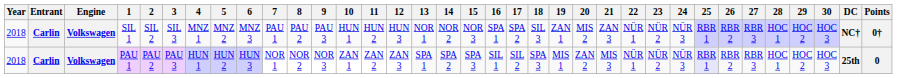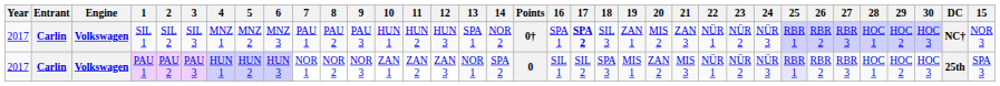 <table class="wikitable" style="text-align:center; font-size:85%">
 <tr>
 <th>Year</th>
 <th>Entrant</th>
 <th>Engine</th>
 <th>1</th>
 <th>2</th>
 <th>3</th>
 <th>4</th>
 <th>5</th>
 <th>6</th>
 <th>7</th>
 <th>8</th>
 <th>9</th>
 <th>10</th>
 <th>11</th>
 <th>12</th>
 <th>13</th>
 <th>14</th>
-<th>15</th>
+<th>Points</th>
 <th>16</th>
 <th>17</th>
 <th>18</th>
 <th>19</th>
 <th>20</th>
 <th>21</th>
 <th>22</th>
 <th>23</th>
 <th>24</th>
 <th>25</th>
 <th>26</th>
 <th>27</th>
 <th>28</th>
 <th>29</th>
 <th>30</th>
 <th>DC</th>
-<th>Points</th>
+<th>15</th>
 </tr>
 <tr>
-<td><a href='#'>2018</a></td>
+<td><a href='#'>2017</a></td>
 <th><a href='#'>Carlin</a></th>
 <th><a href='#'>Volkswagen</a></th>
 <td><a href='#'>SIL<br>1</a></td>
 <td><a href='#'>SIL<br>2</a></td>
 <td><a href='#'>SIL<br>3</a></td>
 <td><a href='#'>MNZ<br>1</a></td>
 <td><a href='#'>MNZ<br>2</a></td>
 <td><a href='#'>MNZ<br>3</a></td>
 <td><a href='#'>PAU<br>1</a></td>
 <td><a href='#'>PAU<br>2</a></td>
 <td><a href='#'>PAU<br>3</a></td>
 <td><a href='#'>HUN<br>1</a></td>
 <td><a href='#'>HUN<br>2</a></td>
 <td><a href='#'>HUN<br>3</a></td>
-<td><a href='#'>NOR<br>1</a></td>
+<td><a href='#'>SPA<br>1</a></td>
 <td><a href='#'>NOR<br>2</a></td>
-<td><a href='#'>NOR<br>3</a></td>
+<th>0†</th>
 <td><a href='#'>SPA<br>1</a></td>
-<td><a href='#'>SPA<br>2</a></td>
+<td><strong><a href='#'>SPA<br>2</a></strong></td>
 <td><a href='#'>SIL<br>3</a></td>
 <td><a href='#'>ZAN<br>1</a></td>
 <td><a href='#'>MIS<br>2</a></td>
 <td><a href='#'>ZAN<br>3</a></td>
 <td><a href='#'>NÜR<br>1</a></td>
 <td><a href='#'>NÜR<br>2</a></td>
 <td><a href='#'>NÜR<br>3</a></td>
 <td style="background:#CFCFFF;"><a href='#'>RBR<br>1</a><br></td>
 <td style="background:#CFCFFF;"><a href='#'>RBR<br>2</a><br></td>
 <td style="background:#CFCFFF;"><a href='#'>RBR<br>3</a><br></td>
 <td style="background:#CFCFFF;"><a href='#'>HOC<br>1</a><br></td>
 <td style="background:#CFCFFF;"><a href='#'>HOC<br>2</a><br></td>
 <td style="background:#CFCFFF;"><a href='#'>HOC<br>3</a><br></td>
 <th>NC†</th>
-<th>0†</th>
+<td><a href='#'>NOR<br>3</a></td>
 </tr>
 <tr>
-<td><a href='#'>2018</a></td>
+<td><a href='#'>2017</a></td>
 <th><a href='#'>Carlin</a></th>
 <th><a href='#'>Volkswagen</a></th>
 <td style="background:#EFCFFF;"><a href='#'>PAU<br>1</a><br></td>
 <td style="background:#EFCFFF;"><a href='#'>PAU<br>2</a><br></td>
 <td style="background:#EFCFFF;"><a href='#'>PAU<br>3</a><br></td>
 <td style="background:#CFCFFF;"><a href='#'>HUN<br>1</a><br></td>
 <td style="background:#CFCFFF;"><a href='#'>HUN<br>2</a><br></td>
 <td style="background:#CFCFFF;"><a href='#'>HUN<br>3</a><br></td>
 <td style="background:#FFFFFF;"><a href='#'>NOR<br>1</a><br></td>
 <td style="background:#FFFFFF;"><a href='#'>NOR<br>2</a><br></td>
 <td style="background:#FFFFFF;"><a href='#'>NOR<br>3</a><br></td>
 <td style="background:#FFFFFF;"><a href='#'>ZAN<br>1</a><br></td>
 <td style="background:#FFFFFF;"><a href='#'>ZAN<br>2</a><br></td>
 <td style="background:#FFFFFF;"><a href='#'>ZAN<br>3</a><br></td>
-<td><a href='#'>SPA<br>1</a></td>
+<td><a href='#'>NOR<br>1</a></td>
 <td><a href='#'>SPA<br>2</a></td>
-<td><a href='#'>SPA<br>3</a></td>
+<th>0</th>
 <td><a href='#'>SIL<br>1</a></td>
 <td><a href='#'>SIL<br>2</a></td>
 <td><a href='#'>SPA<br>3</a></td>
 <td><a href='#'>MIS<br>1</a></td>
 <td><a href='#'>ZAN<br>2</a></td>
 <td><a href='#'>MIS<br>3</a></td>
 <td><a href='#'>NÜR<br>1</a></td>
 <td><a href='#'>NÜR<br>2</a></td>
 <td><a href='#'>NÜR<br>3</a></td>
 <td style="background: lavender;"><a href='#'>RBR<br>1</a></td>
 <td><a href='#'>RBR<br>2</a></td>
 <td><a href='#'>RBR<br>3</a></td>
 <td><a href='#'>HOC<br>1</a></td>
 <td><a href='#'>HOC<br>2</a></td>
 <td><a href='#'>HOC<br>3</a></td>
 <th>25th</th>
-<th>0</th>
+<td><a href='#'>SPA<br>3</a></td>
 </tr>
 </table>
